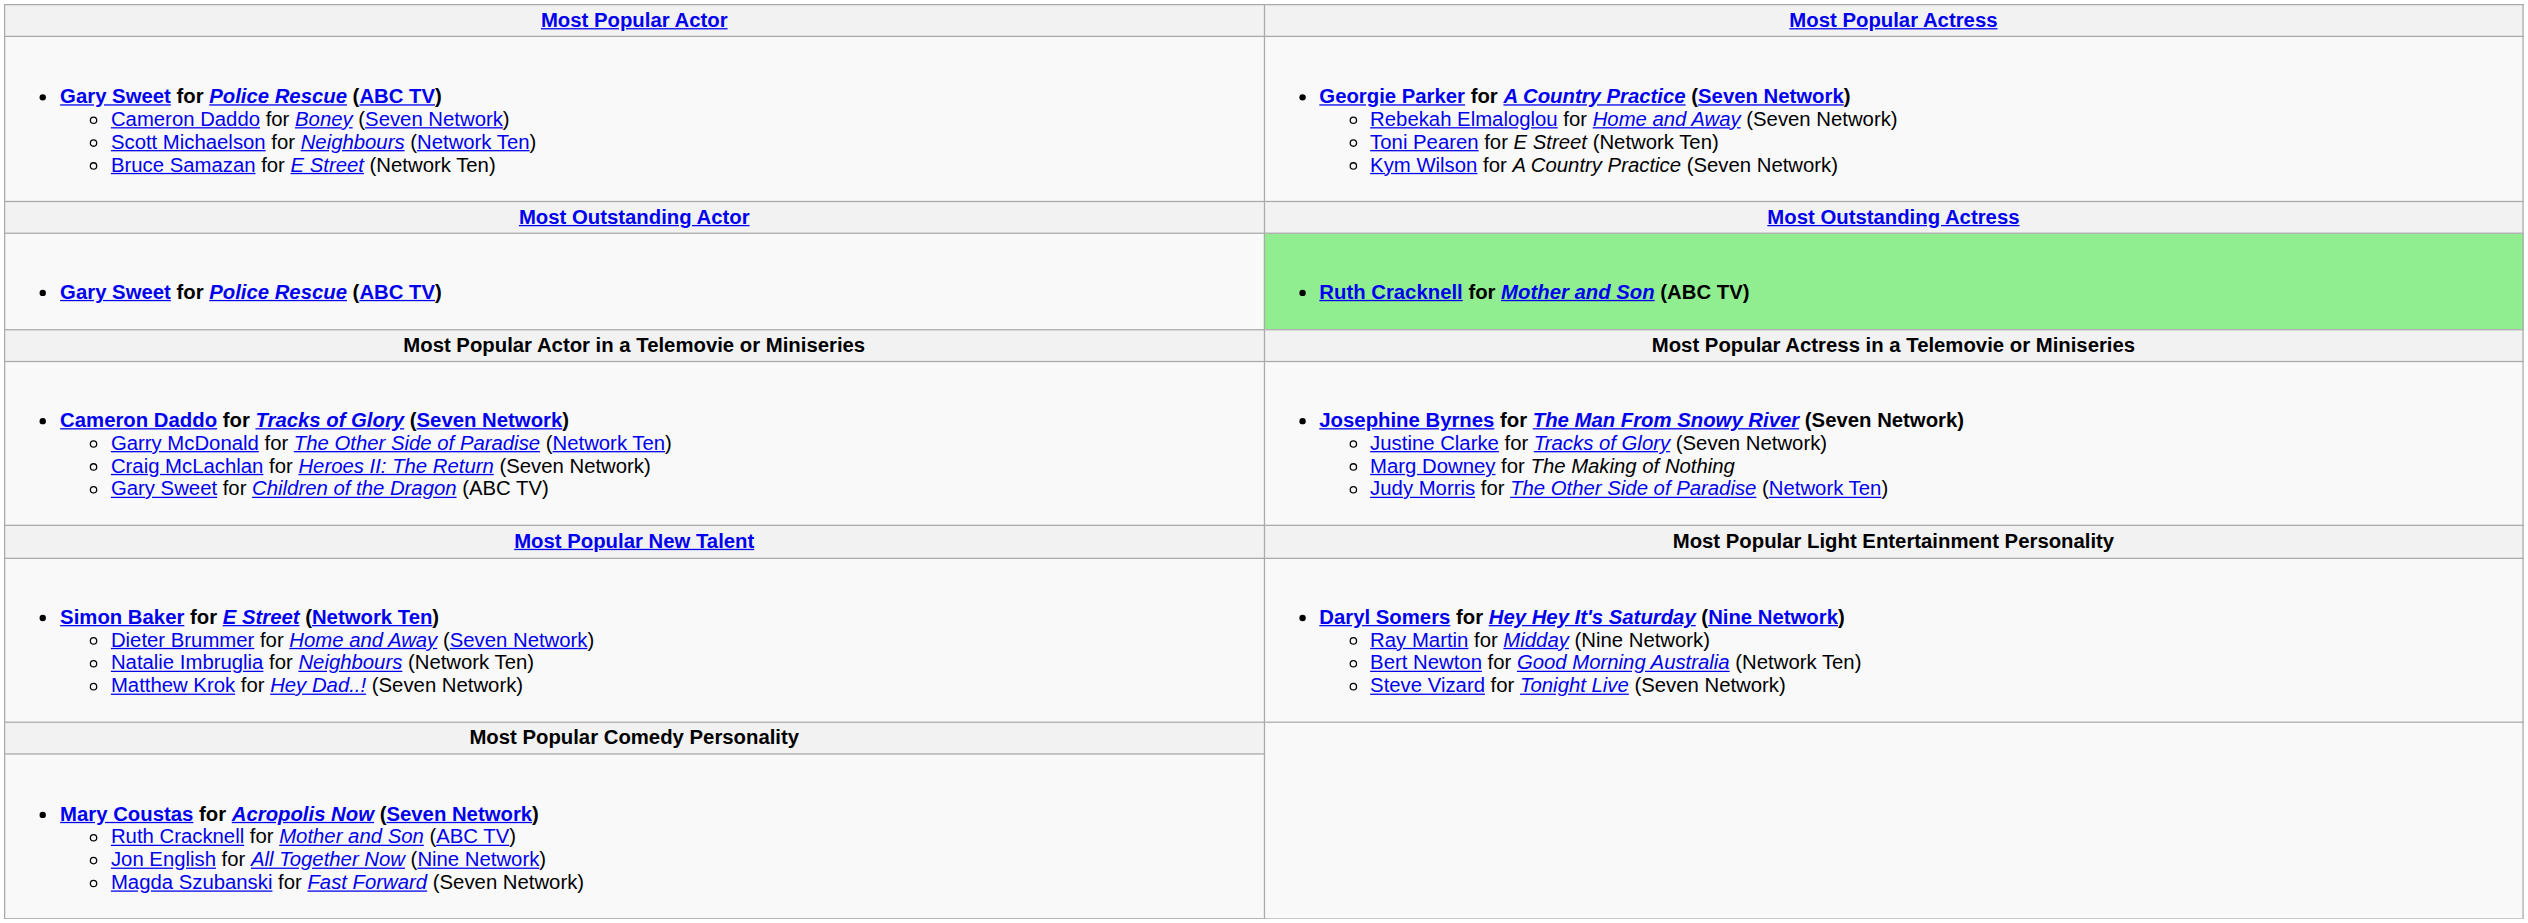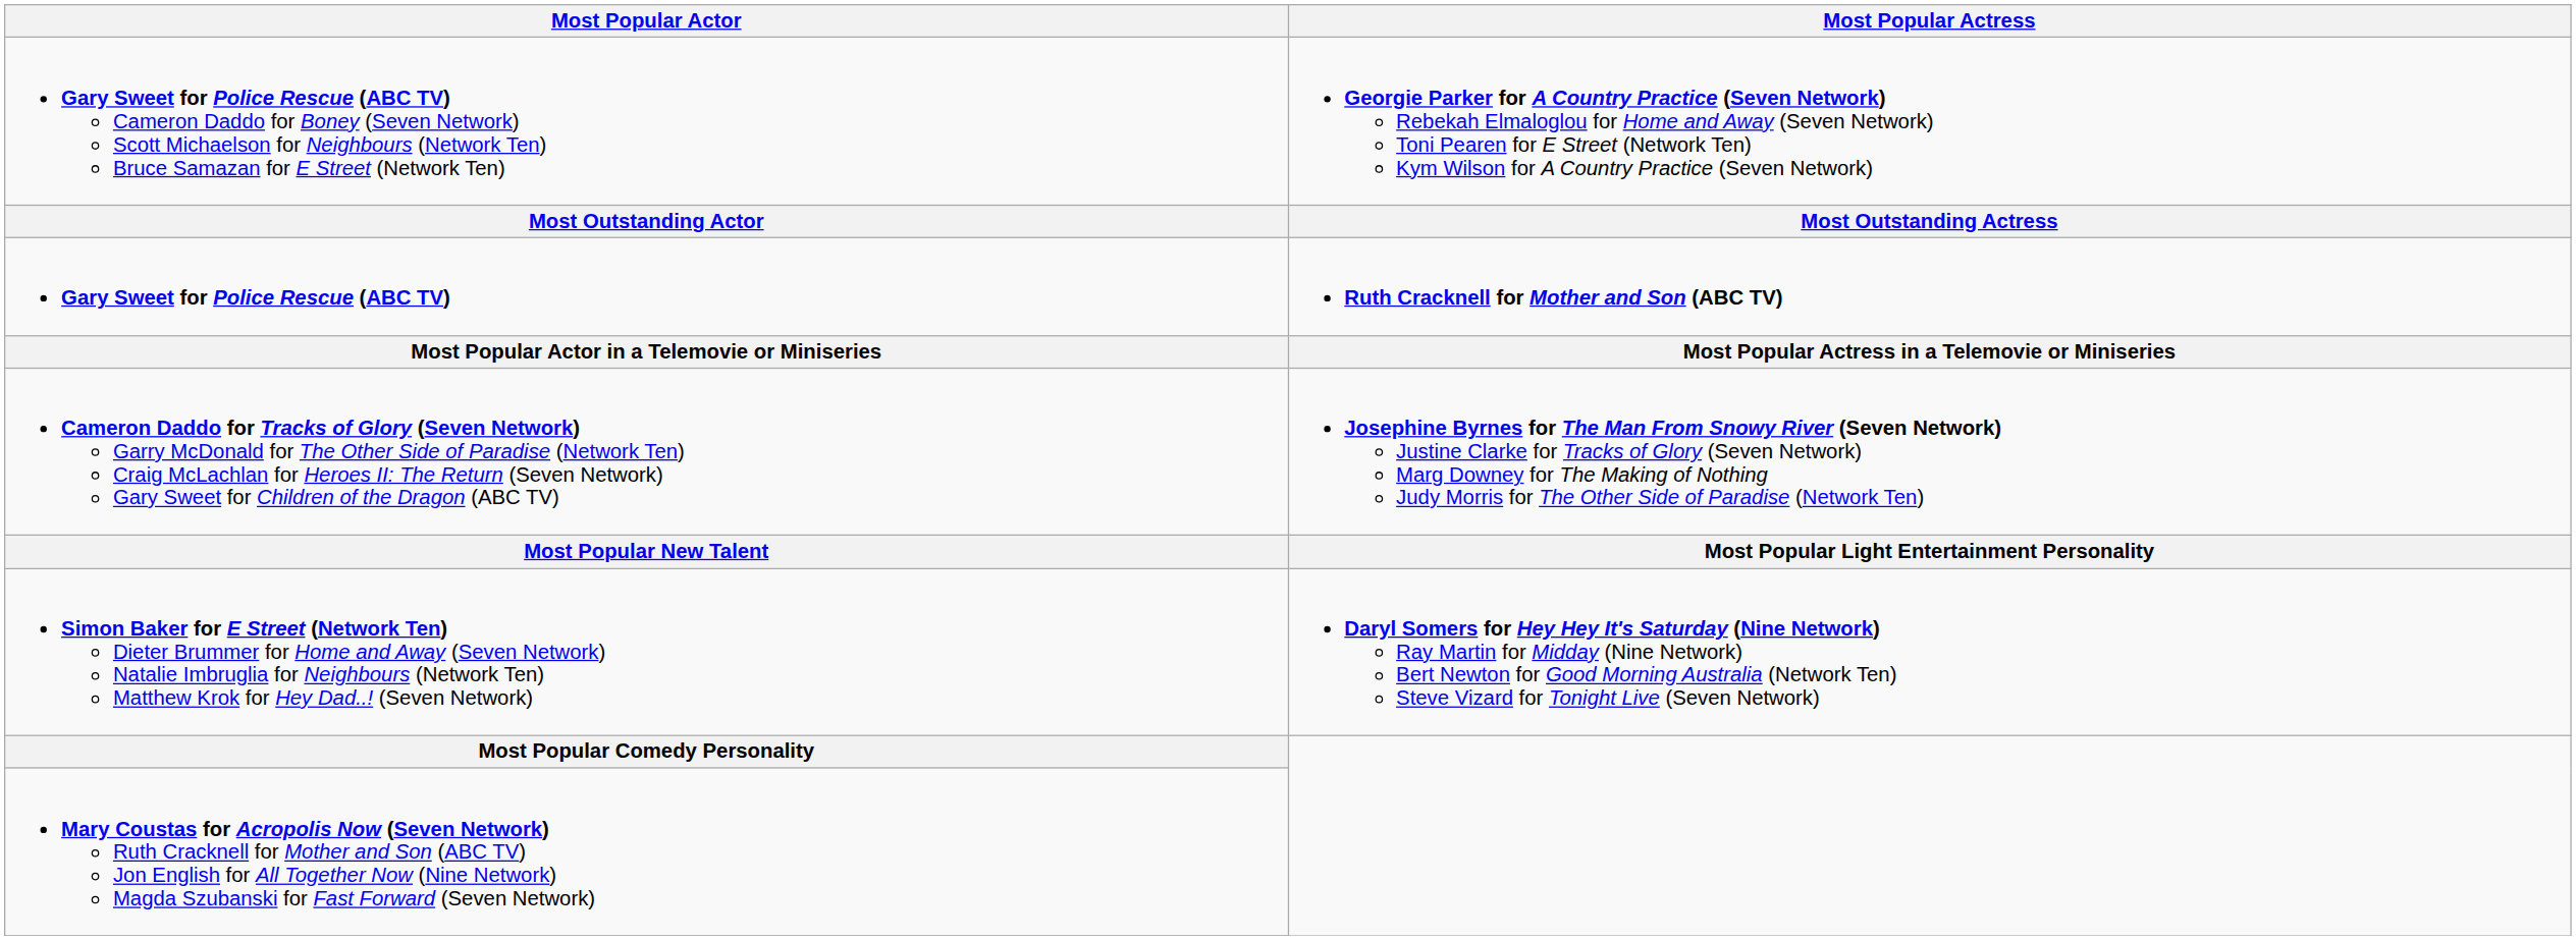 <table class=wikitable width="100%">
 <tr>
 <th width="25%"><a href='#'>Most Popular Actor</a></th>
 <th width="25%"><a href='#'>Most Popular Actress</a></th>
 </tr>
 <tr>
 <td valign="top"><br><ul><li><strong><a href='#'>Gary Sweet</a> for <em><a href='#'>Police Rescue</a></em> (<a href='#'>ABC TV</a>)</strong><ul><li><a href='#'>Cameron Daddo</a> for <em><a href='#'>Boney</a></em> (<a href='#'>Seven Network</a>)</li><li><a href='#'>Scott Michaelson</a> for <em><a href='#'>Neighbours</a></em> (<a href='#'>Network Ten</a>)</li><li><a href='#'>Bruce Samazan</a> for <em><a href='#'>E Street</a></em> (Network Ten)</li></ul></li></ul></td>
 <td valign="top"><br><ul><li><strong><a href='#'>Georgie Parker</a> for <em><a href='#'>A Country Practice</a></em> (<a href='#'>Seven Network</a>)</strong><ul><li><a href='#'>Rebekah Elmaloglou</a> for <em><a href='#'>Home and Away</a></em> (Seven Network)</li><li><a href='#'>Toni Pearen</a> for <em>E Street</em> (Network Ten)</li><li><a href='#'>Kym Wilson</a> for <em>A Country Practice</em> (Seven Network)</li></ul></li></ul></td>
 </tr>
 <tr>
 <th width="50%"><a href='#'>Most Outstanding Actor</a></th>
 <th width="50%"><a href='#'>Most Outstanding Actress</a></th>
 </tr>
 <tr>
 <td valign="top"><br><ul><li><strong><a href='#'>Gary Sweet</a> for <em><a href='#'>Police Rescue</a></em> (<a href='#'>ABC TV</a>)</strong></li></ul></td>
-<td valign="top" style="background: lightgreen;"><br><ul><li><strong><a href='#'>Ruth Cracknell</a> for <em><a href='#'>Mother and Son</a></em> (ABC TV)</strong></li></ul></td>
+<td valign="top"><br><ul><li><strong><a href='#'>Ruth Cracknell</a> for <em><a href='#'>Mother and Son</a></em> (ABC TV)</strong></li></ul></td>
 </tr>
 <tr>
 <th width="50%">Most Popular Actor in a Telemovie or Miniseries</th>
 <th width="50%">Most Popular Actress in a Telemovie or Miniseries</th>
 </tr>
 <tr>
 <td valign="top"><br><ul><li><strong><a href='#'>Cameron Daddo</a> for <em><a href='#'>Tracks of Glory</a></em> (<a href='#'>Seven Network</a>)</strong><ul><li><a href='#'>Garry McDonald</a> for <em><a href='#'>The Other Side of Paradise</a></em> (<a href='#'>Network Ten</a>)</li><li><a href='#'>Craig McLachlan</a> for <em><a href='#'>Heroes II: The Return</a></em> (Seven Network)</li><li><a href='#'>Gary Sweet</a> for <em><a href='#'>Children of the Dragon</a></em> (ABC TV)</li></ul></li></ul></td>
 <td valign="top"><br><ul><li><strong><a href='#'>Josephine Byrnes</a> for <em><a href='#'>The Man From Snowy River</a></em> (Seven Network)</strong><ul><li><a href='#'>Justine Clarke</a> for <em><a href='#'>Tracks of Glory</a></em> (Seven Network)</li><li><a href='#'>Marg Downey</a> for <em>The Making of Nothing</em></li><li><a href='#'>Judy Morris</a> for <em><a href='#'>The Other Side of Paradise</a></em> (<a href='#'>Network Ten</a>)</li></ul></li></ul></td>
 </tr>
 <tr>
 <th width="50%"><a href='#'>Most Popular New Talent</a></th>
 <th width="50%">Most Popular Light Entertainment Personality</th>
 </tr>
 <tr>
 <td valign="top"><br><ul><li><strong><a href='#'>Simon Baker</a> for <em><a href='#'>E Street</a></em> (<a href='#'>Network Ten</a>)</strong><ul><li><a href='#'>Dieter Brummer</a> for <em><a href='#'>Home and Away</a></em> (<a href='#'>Seven Network</a>)</li><li><a href='#'>Natalie Imbruglia</a> for <em><a href='#'>Neighbours</a></em> (Network Ten)</li><li><a href='#'>Matthew Krok</a> for <em><a href='#'>Hey Dad..!</a></em> (Seven Network)</li></ul></li></ul></td>
 <td valign="top"><br><ul><li><strong><a href='#'>Daryl Somers</a> for <em><a href='#'>Hey Hey It's Saturday</a></em> (<a href='#'>Nine Network</a>)</strong><ul><li><a href='#'>Ray Martin</a> for <em><a href='#'>Midday</a></em> (Nine Network)</li><li><a href='#'>Bert Newton</a> for <em><a href='#'>Good Morning Australia</a></em> (Network Ten)</li><li><a href='#'>Steve Vizard</a> for <em><a href='#'>Tonight Live</a></em> (Seven Network)</li></ul></li></ul></td>
 </tr>
 <tr>
 <th width="50%">Most Popular Comedy Personality</th>
 </tr>
 <tr>
 <td valign="top"><br><ul><li><strong><a href='#'>Mary Coustas</a> for <em><a href='#'>Acropolis Now</a></em> (<a href='#'>Seven Network</a>)</strong><ul><li><a href='#'>Ruth Cracknell</a> for <em><a href='#'>Mother and Son</a></em> (<a href='#'>ABC TV</a>)</li><li><a href='#'>Jon English</a> for <em><a href='#'>All Together Now</a></em> (<a href='#'>Nine Network</a>)</li><li><a href='#'>Magda Szubanski</a> for <em><a href='#'>Fast Forward</a></em> (Seven Network)</li></ul></li></ul></td>
 </tr>
 <tr>
 </tr>
 </table>
